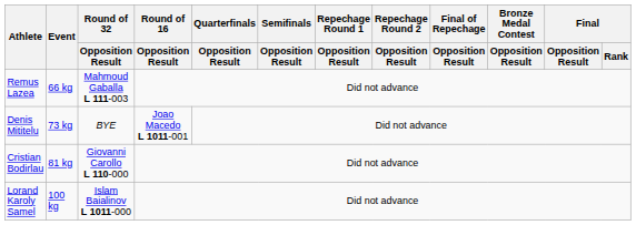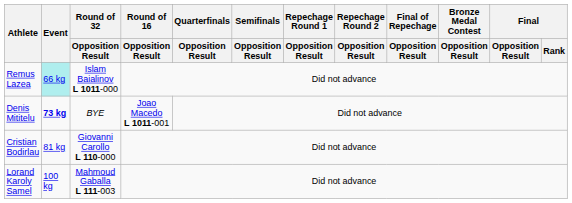 <table class="wikitable" style="font-size:90%">
 <tr>
 <th rowspan="2">Athlete</th>
 <th rowspan="2">Event</th>
 <th colspan="1">Round of 32</th>
 <th colspan="1">Round of 16</th>
 <th colspan="1">Quarterfinals</th>
 <th colspan="1">Semifinals</th>
 <th colspan="1">Repechage<br>Round 1</th>
 <th colspan="1">Repechage<br>Round 2</th>
 <th colspan="1">Final of Repechage</th>
 <th colspan="1">Bronze Medal Contest</th>
 <th colspan="2">Final</th>
 </tr>
 <tr>
 <th>Opposition<br>Result</th>
 <th>Opposition<br>Result</th>
 <th>Opposition<br>Result</th>
 <th>Opposition<br>Result</th>
 <th>Opposition<br>Result</th>
 <th>Opposition<br>Result</th>
 <th>Opposition<br>Result</th>
 <th>Opposition<br>Result</th>
 <th>Opposition<br>Result</th>
 <th>Rank</th>
 </tr>
 <tr>
 <td><a href='#'>Remus Lazea</a></td>
-<td><a href='#'>66 kg</a></td>
-<td align=center> <a href='#'>Mahmoud Gaballa</a> <br><strong>L</strong> <strong>111</strong>-003</td>
+<td style="background: paleturquoise;"><a href='#'>66 kg</a></td>
+<td align=center> <a href='#'>Islam Baialinov</a> <br><strong>L</strong> <strong>1011</strong>-000</td>
 <td colspan="9" align=center>Did not advance</td>
 </tr>
 <tr>
 <td><a href='#'>Denis Mititelu</a></td>
-<td><a href='#'>73 kg</a></td>
+<td><strong><a href='#'>73 kg</a></strong></td>
 <td align=center><em>BYE</em></td>
 <td align=center> <a href='#'>Joao Macedo</a> <br><strong>L</strong> <strong>1011</strong>-001</td>
 <td colspan="8" align=center>Did not advance</td>
 </tr>
 <tr>
 <td><a href='#'>Cristian Bodirlau</a></td>
 <td><a href='#'>81 kg</a></td>
 <td align=center> <a href='#'>Giovanni Carollo</a> <br><strong>L</strong> <strong>110</strong>-000</td>
 <td colspan="9" align=center>Did not advance</td>
 </tr>
 <tr>
 <td><a href='#'>Lorand Karoly Samel</a></td>
 <td><a href='#'>100 kg</a></td>
-<td align=center> <a href='#'>Islam Baialinov</a> <br><strong>L</strong> <strong>1011</strong>-000</td>
+<td align=center> <a href='#'>Mahmoud Gaballa</a> <br><strong>L</strong> <strong>111</strong>-003</td>
 <td colspan="9" align=center>Did not advance</td>
 </tr>
 </table>
